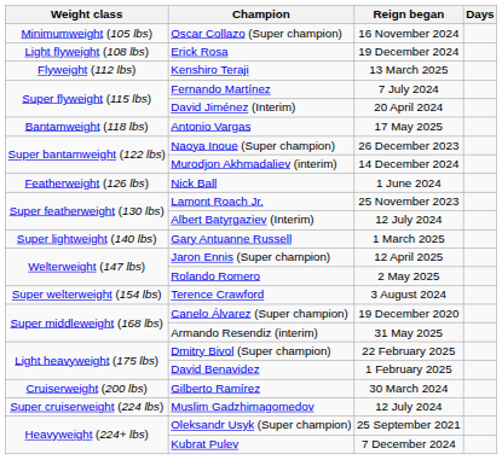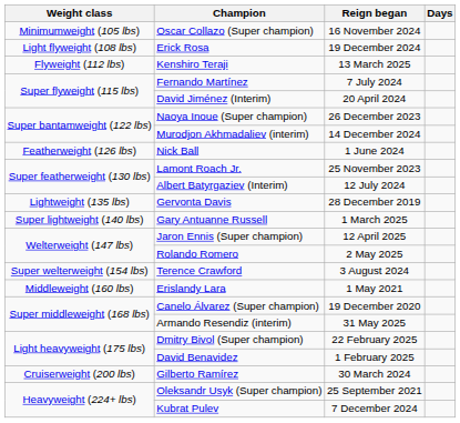 <table class="wikitable sortable" style="text-align: center">
 <tr>
 <th>Weight class</th>
 <th>Champion</th>
 <th>Reign began</th>
 <th>Days</th>
 </tr>
 <tr>
 <td data-sort-value=1><a href='#'>Minimumweight</a> (<em>105 lbs</em>)</td>
 <td align=left><a href='#'>Oscar Collazo</a> (Super champion)</td>
 <td data-sort-value= >16 November 2024</td>
 <td></td>
 </tr>
 <tr>
 <td data-sort-value=2><a href='#'>Light flyweight</a> (<em>108 lbs</em>)</td>
 <td align=left><a href='#'>Erick Rosa</a></td>
 <td data-sort-value= >19 December 2024</td>
 <td></td>
 </tr>
 <tr>
 <td data-sort-value=3><a href='#'>Flyweight</a> (<em>112 lbs</em>)</td>
 <td align=left><a href='#'>Kenshiro Teraji</a></td>
 <td data-sort-value=>13 March 2025</td>
 <td></td>
 </tr>
 <tr>
 <td rowspan=2 data-sort-value=4><a href='#'>Super flyweight</a> (<em>115 lbs</em>)</td>
 <td align=left><a href='#'>Fernando Martínez</a></td>
 <td data-sort-value= >7 July 2024</td>
 <td></td>
 </tr>
 <tr>
 <td align=left><a href='#'>David Jiménez</a> (Interim)</td>
 <td data-sort-value= >20 April 2024</td>
 <td></td>
 </tr>
 <tr>
-<td data-sort-value=5><a href='#'>Bantamweight</a> (<em>118 lbs</em>)</td>
-<td align=left><a href='#'>Antonio Vargas</a></td>
-<td data-sort-value= >17 May 2025</td>
-<td></td>
-</tr>
-<tr>
 <td rowspan=2 data-sort-value= 6><a href='#'>Super bantamweight</a> (<em>122 lbs</em>)</td>
 <td align=left><a href='#'>Naoya Inoue</a> (Super champion)</td>
 <td data-sort-value= >26 December 2023</td>
 <td></td>
 </tr>
 <tr>
 <td align=left><a href='#'>Murodjon Akhmadaliev</a> (interim)</td>
 <td data-sort-value= >14 December 2024</td>
 <td></td>
 </tr>
 <tr>
 <td data-sort-value= 7><a href='#'>Featherweight</a> (<em>126 lbs</em>)</td>
 <td align=left><a href='#'>Nick Ball</a></td>
 <td data-sort-value=>1 June 2024</td>
 <td></td>
 </tr>
 <tr>
 <td rowspan=2 data-sort-value=8><a href='#'>Super featherweight</a> (<em>130 lbs</em>)</td>
 <td align=left><a href='#'>Lamont Roach Jr.</a></td>
 <td data-sort-value=>25 November 2023</td>
 <td></td>
 </tr>
 <tr>
 <td align=left><a href='#'>Albert Batyrgaziev</a> (Interim)</td>
 <td data-sort-value= >12 July 2024</td>
 <td></td>
 </tr>
 <tr>
+<td><a href='#'>Lightweight</a> (<em>135 lbs</em>)</td>
+<td align="left"><a href='#'>Gervonta Davis</a></td>
+<td>28 December 2019</td>
+<td></td>
+</tr>
+<tr>
 <td data-sort-value="10"><a href='#'>Super lightweight</a> (<em>140 lbs</em>)</td>
 <td align=left><a href='#'>Gary Antuanne Russell</a></td>
 <td data-sort-value= >1 March 2025</td>
 <td></td>
 </tr>
 <tr>
 <td rowspan=2 data-sort-value=11><a href='#'>Welterweight</a> (<em>147 lbs</em>)</td>
 <td align=left><a href='#'>Jaron Ennis</a> (Super champion)</td>
 <td data-sort-value=  >12 April 2025</td>
 <td></td>
 </tr>
 <tr>
 <td align=left><a href='#'>Rolando Romero</a></td>
 <td data-sort-value= >2 May 2025</td>
 <td></td>
 </tr>
 <tr>
 <td data-sort-value=12><a href='#'>Super welterweight</a> (<em>154 lbs</em>)</td>
 <td align=left><a href='#'>Terence Crawford</a></td>
 <td data-sort-value= >3 August 2024</td>
+<td></td>
+</tr>
+<tr>
+<td data-sort-value=13><a href='#'>Middleweight</a> (<em>160 lbs</em>)</td>
+<td align=left><a href='#'>Erislandy Lara</a></td>
+<td data-sort-value= >1 May 2021</td>
 <td></td>
 </tr>
 <tr>
 <td rowspan=2 data-sort-value=14><a href='#'>Super middleweight</a> (<em>168 lbs</em>)</td>
 <td align=left><a href='#'>Canelo Álvarez</a> (Super champion)</td>
 <td data-sort-value= >19 December 2020</td>
 <td></td>
 </tr>
 <tr>
 <td align=left>Armando Resendiz (interim)</td>
 <td data-sort-value= >31 May 2025</td>
 <td></td>
 </tr>
 <tr>
 <td data-sort-value=15 rowspan=2><a href='#'>Light heavyweight</a> (<em>175 lbs</em>)</td>
 <td align=left><a href='#'>Dmitry Bivol</a> (Super champion)</td>
 <td data-sort-value= >22 February 2025</td>
 <td></td>
 </tr>
 <tr>
 <td align=left><a href='#'>David Benavidez</a></td>
 <td data-sort-value= >1 February 2025</td>
 <td></td>
 </tr>
 <tr>
 <td data-sort-value=16><a href='#'>Cruiserweight</a> (<em>200 lbs</em>)</td>
 <td align=left><a href='#'>Gilberto Ramírez</a></td>
 <td data-sort-value= >30 March 2024</td>
 <td></td>
 </tr>
 <tr>
-<td data-sort-value=17><a href='#'>Super cruiserweight</a> (<em>224 lbs</em>)</td>
-<td align=left><a href='#'>Muslim Gadzhimagomedov</a></td>
-<td data-sort-value= >12 July 2024</td>
-<td></td>
-</tr>
-<tr>
 <td data-sort-value=17 rowspan=2><a href='#'>Heavyweight</a> (<em>224+ lbs</em>)</td>
 <td align=left><a href='#'>Oleksandr Usyk</a> (Super champion)</td>
 <td data-sort-value= >25 September 2021</td>
 <td></td>
 </tr>
 <tr>
 <td align=left><a href='#'>Kubrat Pulev</a></td>
 <td data-sort-value= >7 December 2024</td>
 <td></td>
 </tr>
 </table>
